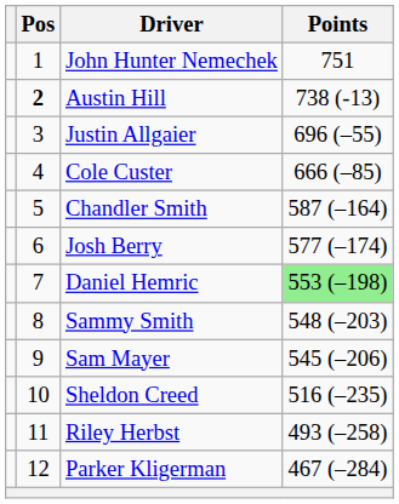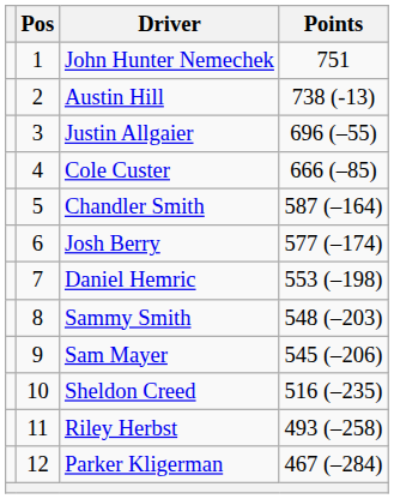 <table class="wikitable" style="font-size: 95%;">
 <tr>
 <th></th>
 <th>Pos</th>
 <th>Driver</th>
 <th>Points</th>
 </tr>
 <tr>
 <td align="left"></td>
 <td style="text-align:center;">1</td>
 <td><a href='#'>John Hunter Nemechek</a></td>
 <td style="text-align:center;">751</td>
 </tr>
 <tr>
 <td align="left"></td>
-<td style="text-align:center;"><strong>2</strong></td>
+<td style="text-align:center;">2</td>
 <td><a href='#'>Austin Hill</a></td>
 <td style="text-align:center;">738 (-13)</td>
 </tr>
 <tr>
 <td align="left"></td>
 <td style="text-align:center;">3</td>
 <td><a href='#'>Justin Allgaier</a></td>
 <td style="text-align:center;">696 (–55)</td>
 </tr>
 <tr>
 <td align="left"></td>
 <td style="text-align:center;">4</td>
 <td><a href='#'>Cole Custer</a></td>
 <td style="text-align:center;">666 (–85)</td>
 </tr>
 <tr>
 <td align="left"></td>
 <td style="text-align:center;">5</td>
 <td><a href='#'>Chandler Smith</a></td>
 <td style="text-align:center;">587 (–164)</td>
 </tr>
 <tr>
 <td align="left"></td>
 <td style="text-align:center;">6</td>
 <td><a href='#'>Josh Berry</a></td>
 <td style="text-align:center;">577 (–174)</td>
 </tr>
 <tr>
 <td align="left"></td>
 <td style="text-align:center;">7</td>
 <td><a href='#'>Daniel Hemric</a></td>
-<td style="background: lightgreen; text-align:center;">553 (–198)</td>
+<td style="text-align:center;">553 (–198)</td>
 </tr>
 <tr>
 <td align="left"></td>
 <td style="text-align:center;">8</td>
 <td><a href='#'>Sammy Smith</a></td>
 <td style="text-align:center;">548 (–203)</td>
 </tr>
 <tr>
 <td align="left"></td>
 <td style="text-align:center;">9</td>
 <td><a href='#'>Sam Mayer</a></td>
 <td style="text-align:center;">545 (–206)</td>
 </tr>
 <tr>
 <td align="left"></td>
 <td style="text-align:center;">10</td>
 <td><a href='#'>Sheldon Creed</a></td>
 <td style="text-align:center;">516 (–235)</td>
 </tr>
 <tr>
 <td align="left"></td>
 <td style="text-align:center;">11</td>
 <td><a href='#'>Riley Herbst</a></td>
 <td style="text-align:center;">493 (–258)</td>
 </tr>
 <tr>
 <td align="left"></td>
 <td style="text-align:center;">12</td>
 <td><a href='#'>Parker Kligerman</a></td>
 <td style="text-align:center;">467 (–284)</td>
 </tr>
 <tr class="sortbottom">
 <th colspan="9"></th>
 </tr>
 </table>
